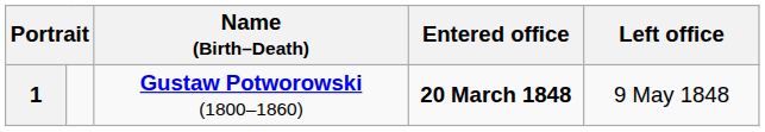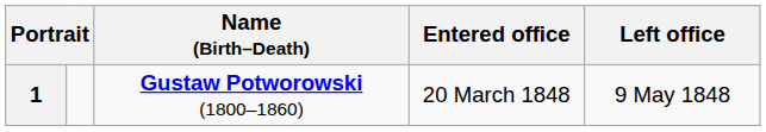 <table class="wikitable" style="text-align:center">
 <tr>
 <th colspan=2>Portrait</th>
 <th width=220px>Name<br><small>(Birth–Death)</small></th>
 <th width=120px>Entered office</th>
 <th width=120px>Left office</th>
 </tr>
 <tr>
 <th>1</th>
 <td></td>
 <td><strong><a href='#'>Gustaw Potworowski</a></strong><br><small>(1800–1860)</small></td>
-<td><strong>20 March 1848</strong></td>
+<td>20 March 1848</td>
 <td>9 May 1848</td>
 </tr>
 </table>
